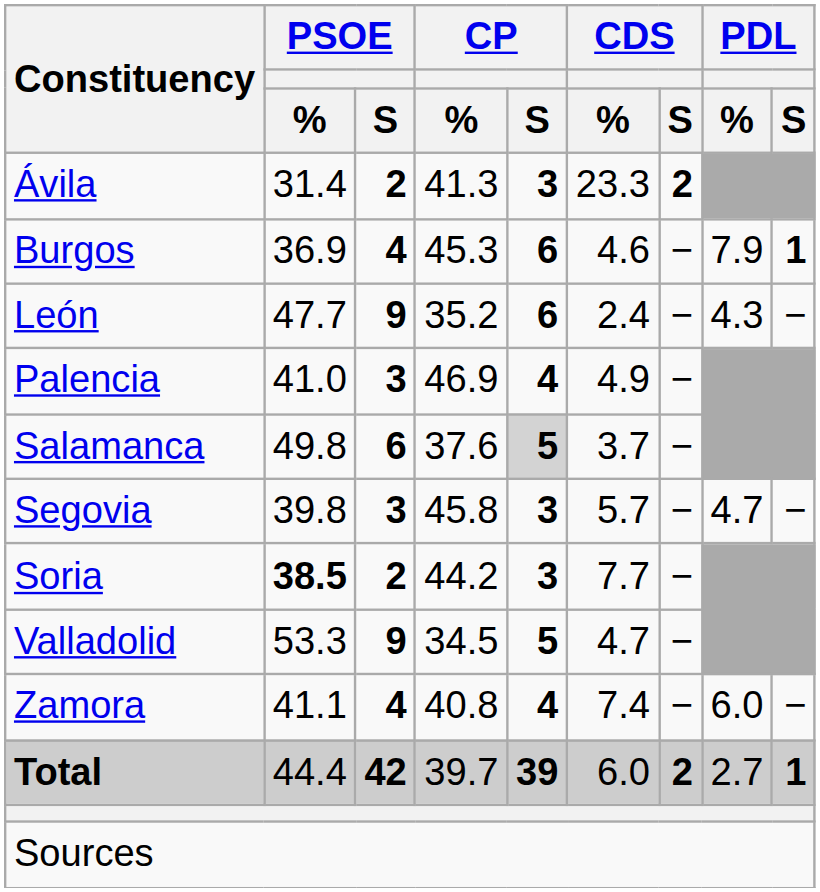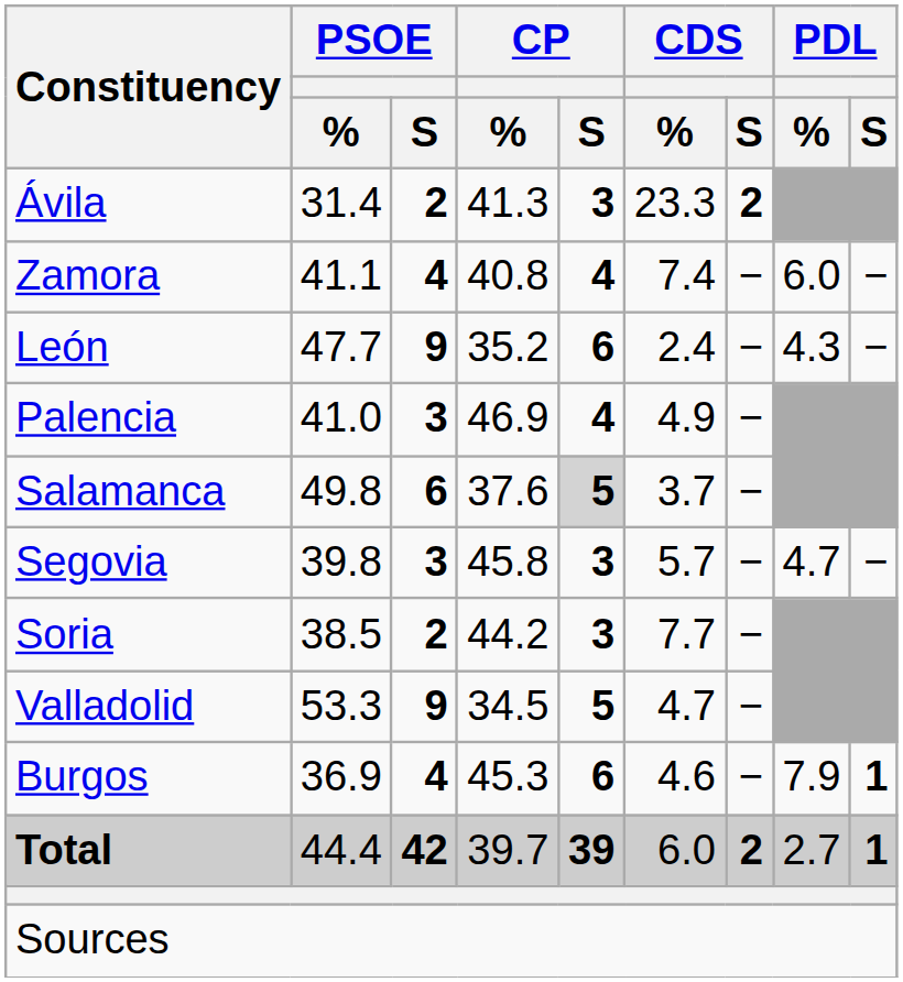 <table class="wikitable sortable" style="text-align:right; line-height:20px;">
 <tr>
 <th rowspan="3">Constituency</th>
 <th colspan="2" width="30px" class="unsortable"><a href='#'>PSOE</a></th>
 <th colspan="2" width="30px" class="unsortable"><a href='#'>CP</a></th>
 <th colspan="2" width="30px" class="unsortable"><a href='#'>CDS</a></th>
 <th colspan="2" width="30px" class="unsortable"><a href='#'>PDL</a></th>
 </tr>
 <tr>
 <th colspan="2" style="background:"></th>
 <th colspan="2" style="background:"></th>
 <th colspan="2" style="background:"></th>
 <th colspan="2" style="background:"></th>
 </tr>
 <tr>
 <th data-sort-type="number">%</th>
 <th data-sort-type="number">S</th>
 <th data-sort-type="number">%</th>
 <th data-sort-type="number">S</th>
 <th data-sort-type="number">%</th>
 <th data-sort-type="number">S</th>
 <th data-sort-type="number">%</th>
 <th data-sort-type="number">S</th>
 </tr>
 <tr>
 <td align="left"><a href='#'>Ávila</a></td>
 <td>31.4</td>
 <td><strong>2</strong></td>
 <td style="background:">41.3</td>
 <td><strong>3</strong></td>
 <td>23.3</td>
 <td><strong>2</strong></td>
 <td colspan="2" bgcolor="#AAAAAA"></td>
 </tr>
 <tr>
-<td align="left"><a href='#'>Burgos</a></td>
-<td>36.9</td>
+<td align="left"><a href='#'>Zamora</a></td>
+<td style="background:">41.1</td>
 <td><strong>4</strong></td>
-<td style="background:">45.3</td>
-<td><strong>6</strong></td>
-<td>4.6</td>
+<td>40.8</td>
+<td><strong>4</strong></td>
+<td>7.4</td>
 <td>−</td>
-<td>7.9</td>
-<td><strong>1</strong></td>
+<td>6.0</td>
+<td>−</td>
 </tr>
 <tr>
 <td align="left"><a href='#'>León</a></td>
 <td style="background:">47.7</td>
 <td><strong>9</strong></td>
 <td>35.2</td>
 <td><strong>6</strong></td>
 <td>2.4</td>
 <td>−</td>
 <td>4.3</td>
 <td>−</td>
 </tr>
 <tr>
 <td align="left"><a href='#'>Palencia</a></td>
 <td>41.0</td>
 <td><strong>3</strong></td>
 <td style="background:">46.9</td>
 <td><strong>4</strong></td>
 <td>4.9</td>
 <td>−</td>
 <td colspan="2" rowspan="2" bgcolor="#AAAAAA"></td>
 </tr>
 <tr>
 <td align="left"><a href='#'>Salamanca</a></td>
 <td style="background:">49.8</td>
 <td><strong>6</strong></td>
 <td>37.6</td>
 <td style="background: lightgrey;"><strong>5</strong></td>
 <td>3.7</td>
 <td>−</td>
 </tr>
 <tr>
 <td align="left"><a href='#'>Segovia</a></td>
 <td>39.8</td>
 <td><strong>3</strong></td>
 <td style="background:">45.8</td>
 <td><strong>3</strong></td>
 <td>5.7</td>
 <td>−</td>
 <td>4.7</td>
 <td>−</td>
 </tr>
 <tr>
 <td align="left"><a href='#'>Soria</a></td>
-<td><strong>38.5</strong></td>
+<td>38.5</td>
 <td><strong>2</strong></td>
 <td style="background:">44.2</td>
 <td><strong>3</strong></td>
 <td>7.7</td>
 <td>−</td>
 <td colspan="2" rowspan="2" bgcolor="#AAAAAA"></td>
 </tr>
 <tr>
 <td align="left"><a href='#'>Valladolid</a></td>
 <td style="background:">53.3</td>
 <td><strong>9</strong></td>
 <td>34.5</td>
 <td><strong>5</strong></td>
 <td>4.7</td>
 <td>−</td>
 </tr>
 <tr>
-<td align="left"><a href='#'>Zamora</a></td>
-<td style="background:">41.1</td>
+<td align="left"><a href='#'>Burgos</a></td>
+<td>36.9</td>
 <td><strong>4</strong></td>
-<td>40.8</td>
-<td><strong>4</strong></td>
-<td>7.4</td>
+<td style="background:">45.3</td>
+<td><strong>6</strong></td>
+<td>4.6</td>
 <td>−</td>
-<td>6.0</td>
-<td>−</td>
+<td>7.9</td>
+<td><strong>1</strong></td>
 </tr>
 <tr style="background:#CDCDCD;">
 <td align="left"><strong>Total</strong></td>
 <td style="background:">44.4</td>
 <td><strong>42</strong></td>
 <td>39.7</td>
 <td><strong>39</strong></td>
 <td>6.0</td>
 <td><strong>2</strong></td>
 <td>2.7</td>
 <td><strong>1</strong></td>
 </tr>
 <tr>
 <th colspan="9"></th>
 </tr>
 <tr>
 <th style="text-align:left; font-weight:normal; background:#F9F9F9" colspan="9">Sources</th>
 </tr>
 </table>
